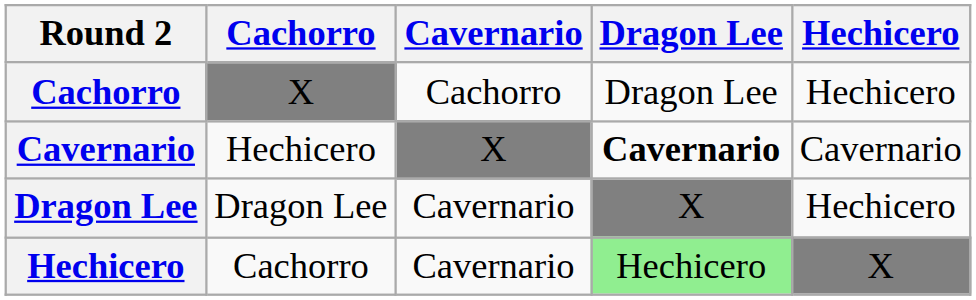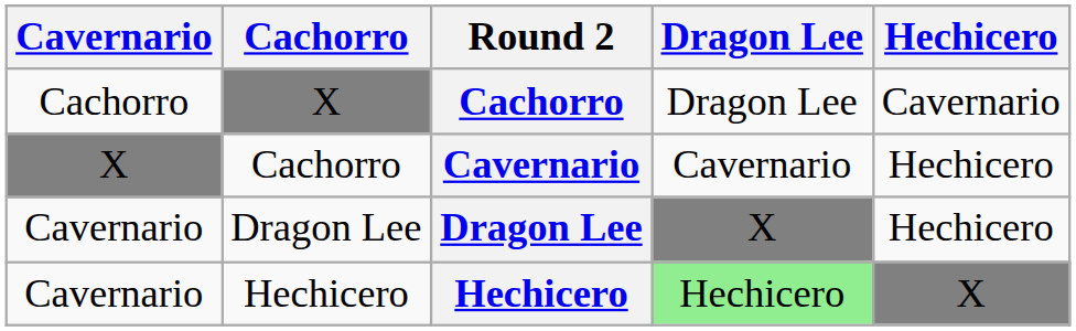 <table class="wikitable" style="margin: 1em auto 1em auto">
 <tr align="center">
+<th><a href='#'>Cavernario</a></th>
+<th><a href='#'>Cachorro</a></th>
 <th>Round 2</th>
-<th><a href='#'>Cachorro</a></th>
-<th><a href='#'>Cavernario</a></th>
 <th><a href='#'>Dragon Lee</a></th>
 <th><a href='#'>Hechicero</a></th>
 </tr>
 <tr align="center">
+<td>Cachorro</td>
+<td bgcolor=grey>X</td>
 <th><a href='#'>Cachorro</a></th>
+<td>Dragon Lee</td>
+<td>Cavernario</td>
+</tr>
+<tr align="center">
 <td bgcolor=grey>X</td>
 <td>Cachorro</td>
-<td>Dragon Lee</td>
+<th><a href='#'>Cavernario</a></th>
+<td>Cavernario</td>
 <td>Hechicero</td>
 </tr>
 <tr align="center">
-<th><a href='#'>Cavernario</a></th>
-<td>Hechicero</td>
-<td bgcolor=grey>X</td>
-<td><strong>Cavernario</strong></td>
 <td>Cavernario</td>
-</tr>
-<tr align="center">
+<td>Dragon Lee</td>
 <th><a href='#'>Dragon Lee</a></th>
-<td>Dragon Lee</td>
-<td>Cavernario</td>
 <td bgcolor=grey>X</td>
 <td>Hechicero</td>
 </tr>
 <tr align="center">
+<td>Cavernario</td>
+<td>Hechicero</td>
 <th><a href='#'>Hechicero</a></th>
-<td>Cachorro</td>
-<td>Cavernario</td>
 <td style="background: lightgreen;">Hechicero</td>
 <td bgcolor=grey>X</td>
 </tr>
 </table>
